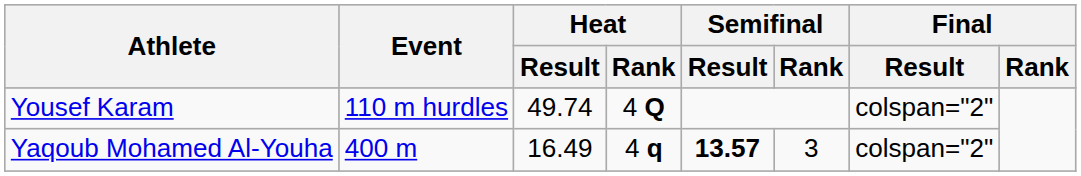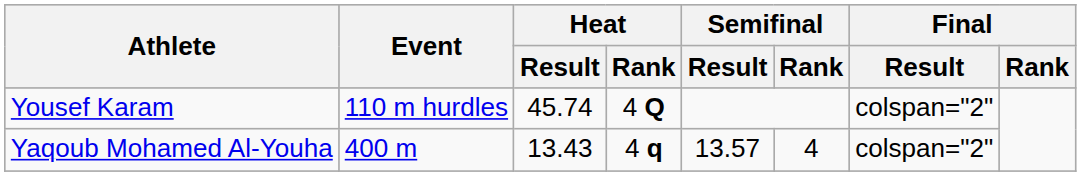 <table class="wikitable">
 <tr>
 <th rowspan="2">Athlete</th>
 <th rowspan="2">Event</th>
 <th colspan="2">Heat</th>
 <th colspan="2">Semifinal</th>
 <th colspan="2">Final</th>
 </tr>
 <tr>
 <th>Result</th>
 <th>Rank</th>
 <th>Result</th>
 <th>Rank</th>
 <th>Result</th>
 <th>Rank</th>
 </tr>
 <tr style=text-align:center>
 <td style=text-align:left><a href='#'>Yousef Karam</a></td>
 <td style=text-align:left><a href='#'>110 m hurdles</a></td>
-<td>49.74</td>
+<td>45.74</td>
 <td>4 <strong>Q</strong></td>
 <td colspan="2"></td>
 <td>colspan="2" </td>
 </tr>
 <tr style=text-align:center>
 <td style=text-align:left><a href='#'>Yaqoub Mohamed Al-Youha</a></td>
 <td style=text-align:left><a href='#'>400 m</a></td>
-<td>16.49</td>
+<td>13.43</td>
 <td>4 <strong>q</strong></td>
-<td><strong>13.57</strong></td>
-<td>3</td>
+<td>13.57</td>
+<td>4</td>
 <td>colspan="2" </td>
 </tr>
 </table>
